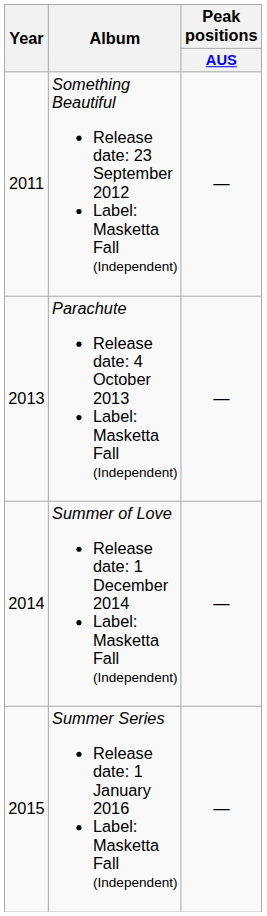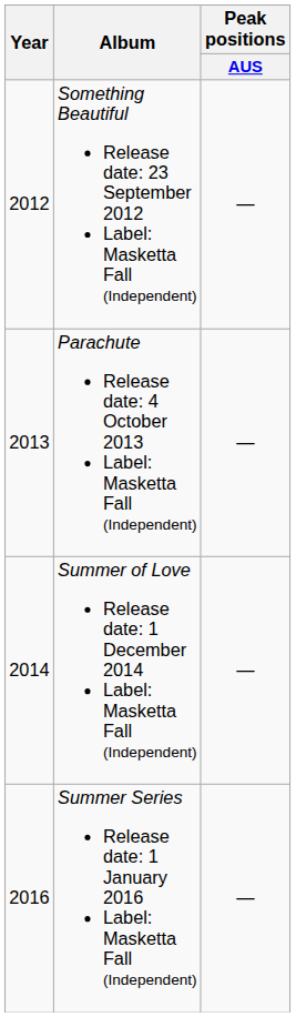 <table class="wikitable" style="text-align:center">
 <tr>
 <th rowspan="2" width="10">Year</th>
 <th rowspan="2" width="120">Album</th>
 <th colspan="1" width="20">Peak positions</th>
 </tr>
 <tr>
 <th scope="col" style="width:3em;font-size:90%;"><a href='#'>AUS</a><br></th>
 </tr>
 <tr>
-<td>2011</td>
+<td>2012</td>
 <td align="left"><em>Something Beautiful</em><br><ul><li>Release date: 23 September 2012</li><li>Label: Masketta Fall <small>(Independent)</small></li></ul></td>
 <td>—</td>
 </tr>
 <tr>
 <td>2013</td>
 <td align="left"><em>Parachute</em><br><ul><li>Release date: 4 October 2013</li><li>Label: Masketta Fall <small>(Independent)</small></li></ul></td>
 <td>—</td>
 </tr>
 <tr>
 <td>2014</td>
 <td align="left"><em>Summer of Love</em><br><ul><li>Release date: 1 December 2014</li><li>Label: Masketta Fall <small>(Independent)</small></li></ul></td>
 <td>—</td>
 </tr>
 <tr>
-<td>2015</td>
+<td>2016</td>
 <td align="left"><em>Summer Series</em><br><ul><li>Release date: 1 January 2016</li><li>Label: Masketta Fall <small>(Independent)</small></li></ul></td>
 <td>—</td>
 </tr>
 <tr>
 </tr>
 </table>
